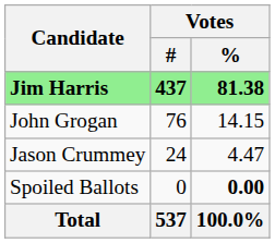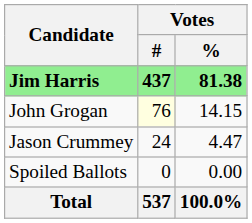 <table class="wikitable">
 <tr>
 <th rowspan=2>Candidate</th>
 <th colspan=2>Votes</th>
 </tr>
 <tr>
 <th>#</th>
 <th>%</th>
 </tr>
 <tr style="background:lightgreen;">
 <td><strong>Jim Harris</strong></td>
 <td align=right><strong>437</strong></td>
 <td align=right><strong>81.38</strong></td>
 </tr>
 <tr>
 <td>John Grogan</td>
-<td align=right>76</td>
+<td align=right style="background: lightyellow;">76</td>
 <td align=right>14.15</td>
 </tr>
 <tr>
 <td>Jason Crummey</td>
 <td align=right>24</td>
 <td align=right>4.47</td>
 </tr>
 <tr>
 <td>Spoiled Ballots</td>
 <td align=right>0</td>
-<td align=right><strong>0.00</strong></td>
+<td align=right>0.00</td>
 </tr>
 <tr>
 <th>Total</th>
 <th align=right>537</th>
 <th align=right>100.0%</th>
 </tr>
 </table>
